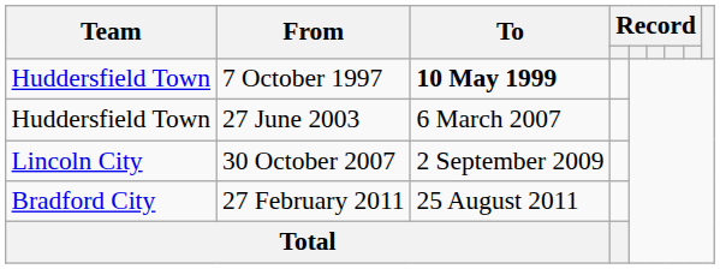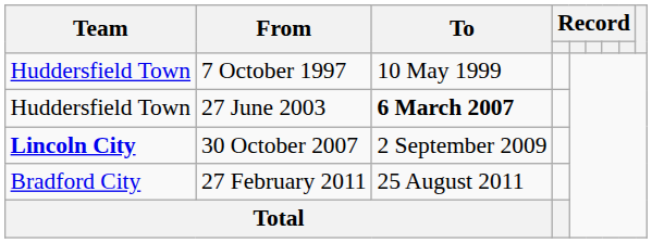 <table class=wikitable style=text-align:center>
 <tr>
 <th rowspan="2">Team</th>
 <th rowspan="2">From</th>
 <th rowspan="2">To</th>
 <th colspan="5">Record</th>
 <th rowspan="2"></th>
 </tr>
 <tr>
 <th></th>
 <th></th>
 <th></th>
 <th></th>
 <th></th>
 </tr>
 <tr>
 <td align=left><a href='#'>Huddersfield Town</a></td>
 <td align=left>7 October 1997</td>
-<td align=left><strong>10 May 1999<br></strong></td>
+<td align=left>10 May 1999<br></td>
 <td></td>
 </tr>
 <tr>
 <td align=left>Huddersfield Town</td>
 <td align=left>27 June 2003</td>
-<td align=left>6 March 2007<br></td>
+<td align=left><strong>6 March 2007<br></strong></td>
 <td></td>
 </tr>
 <tr>
-<td align=left><a href='#'>Lincoln City</a></td>
+<td align=left><strong><a href='#'>Lincoln City</a></strong></td>
 <td align=left>30 October 2007</td>
 <td align=left>2 September 2009<br></td>
 <td></td>
 </tr>
 <tr>
 <td align=left><a href='#'>Bradford City</a></td>
 <td align=left>27 February 2011</td>
 <td align=left>25 August 2011<br></td>
 <td></td>
 </tr>
 <tr>
 <th colspan="3">Total<br></th>
 <th></th>
 </tr>
 </table>
